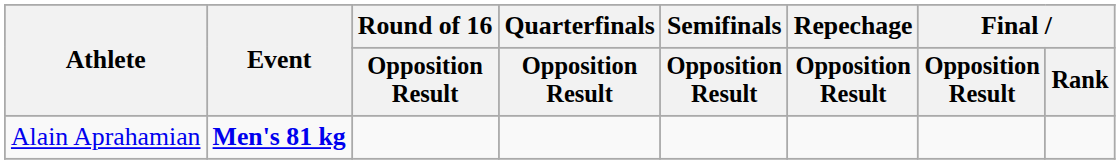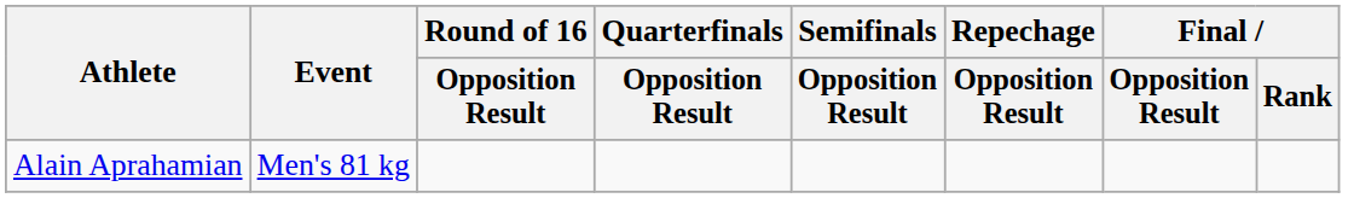 <table class="wikitable" style="font-size:90%">
 <tr>
 <th rowspan=2>Athlete</th>
 <th rowspan=2>Event</th>
 <th>Round of 16</th>
 <th>Quarterfinals</th>
 <th>Semifinals</th>
 <th>Repechage</th>
 <th colspan=2>Final / </th>
 </tr>
 <tr style="font-size:95%">
 <th>Opposition<br>Result</th>
 <th>Opposition<br>Result</th>
 <th>Opposition<br>Result</th>
 <th>Opposition<br>Result</th>
 <th>Opposition<br>Result</th>
 <th>Rank</th>
 </tr>
 <tr align=center>
 <td align=left><a href='#'>Alain Aprahamian</a></td>
-<td align=left><strong><a href='#'>Men's 81 kg</a></strong></td>
+<td align=left><a href='#'>Men's 81 kg</a></td>
 <td></td>
 <td></td>
 <td></td>
 <td></td>
 <td></td>
 <td></td>
 </tr>
 </table>
